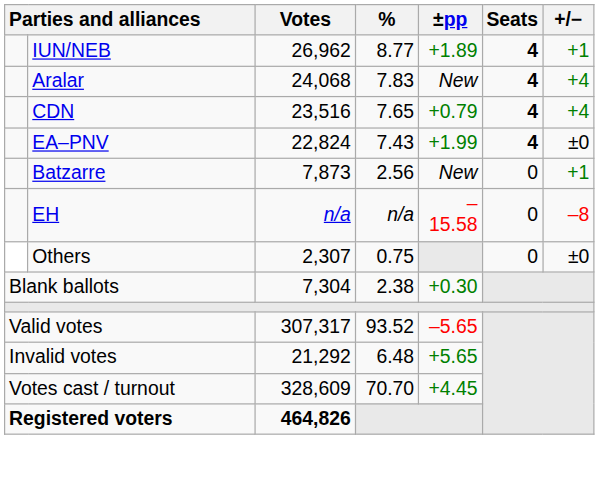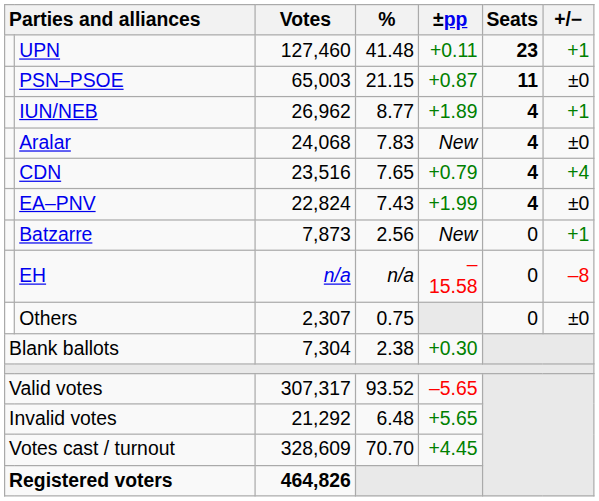 <table class="wikitable" style="text-align:right;">
 <tr>
 <th style="text-align:left;" colspan="2" width="200">Parties and alliances</th>
 <th width="75">Votes</th>
 <th width="45">%</th>
 <th width="45">±<a href='#'>pp</a></th>
 <th width="35">Seats</th>
 <th width="35">+/−</th>
+</tr>
+<tr>
+<td width="1" style="color:inherit;background:"></td>
+<td align="left"><a href='#'>UPN</a></td>
+<td>127,460</td>
+<td>41.48</td>
+<td style="color:green;">+0.11</td>
+<td><strong>23</strong></td>
+<td style="color:green;">+1</td>
+</tr>
+<tr>
+<td style="color:inherit;background:"></td>
+<td align="left"><a href='#'>PSN–PSOE</a></td>
+<td>65,003</td>
+<td>21.15</td>
+<td style="color:green;">+0.87</td>
+<td><strong>11</strong></td>
+<td>±0</td>
 </tr>
 <tr>
 <td style="color:inherit;background:"></td>
 <td align="left"><a href='#'>IUN/NEB</a></td>
 <td>26,962</td>
 <td>8.77</td>
 <td style="color:green;">+1.89</td>
 <td><strong>4</strong></td>
 <td style="color:green;">+1</td>
 </tr>
 <tr>
 <td style="color:inherit;background:"></td>
 <td align="left"><a href='#'>Aralar</a></td>
 <td>24,068</td>
 <td>7.83</td>
 <td><em>New</em></td>
 <td><strong>4</strong></td>
-<td style="color:green;">+4</td>
+<td>±0</td>
 </tr>
 <tr>
 <td style="color:inherit;background:"></td>
 <td align="left"><a href='#'>CDN</a></td>
 <td>23,516</td>
 <td>7.65</td>
 <td style="color:green;">+0.79</td>
 <td><strong>4</strong></td>
 <td style="color:green;">+4</td>
 </tr>
 <tr>
 <td style="color:inherit;background:"></td>
 <td align="left"><a href='#'>EA–PNV</a></td>
 <td>22,824</td>
 <td>7.43</td>
 <td style="color:green;">+1.99</td>
 <td><strong>4</strong></td>
 <td>±0</td>
 </tr>
 <tr>
 <td style="color:inherit;background:"></td>
 <td align="left"><a href='#'>Batzarre</a></td>
 <td>7,873</td>
 <td>2.56</td>
 <td><em>New</em></td>
 <td>0</td>
 <td style="color:green;">+1</td>
 </tr>
 <tr>
 <td style="color:inherit;background:"></td>
 <td align="left"><a href='#'>EH</a></td>
 <td><em><a href='#'>n/a</a></em></td>
 <td><em>n/a</em></td>
 <td style="color:red;">–15.58</td>
 <td>0</td>
 <td style="color:red;">–8</td>
 </tr>
 <tr>
 <td bgcolor="white"></td>
 <td align="left">Others</td>
 <td>2,307</td>
 <td>0.75</td>
 <td bgcolor="#E9E9E9"></td>
 <td>0</td>
 <td>±0</td>
 </tr>
 <tr>
 <td align="left" colspan="2">Blank ballots</td>
 <td>7,304</td>
 <td>2.38</td>
 <td style="color:green;">+0.30</td>
 <td bgcolor="#E9E9E9" colspan="2"></td>
 </tr>
 <tr>
 <td colspan="7" bgcolor="#E9E9E9"></td>
 </tr>
 <tr>
 <td align="left" colspan="2">Valid votes</td>
 <td>307,317</td>
 <td>93.52</td>
 <td style="color:red;">–5.65</td>
 <td bgcolor="#E9E9E9" colspan="2" rowspan="4"></td>
 </tr>
 <tr>
 <td align="left" colspan="2">Invalid votes</td>
 <td>21,292</td>
 <td>6.48</td>
 <td style="color:green;">+5.65</td>
 </tr>
 <tr>
 <td align="left" colspan="2">Votes cast / turnout</td>
 <td>328,609</td>
 <td>70.70</td>
 <td style="color:green;">+4.45</td>
 </tr>
 <tr style="font-weight:bold;">
 <td align="left" colspan="2">Registered voters</td>
 <td>464,826</td>
 <td bgcolor="#E9E9E9" colspan="2"></td>
 </tr>
 </table>
